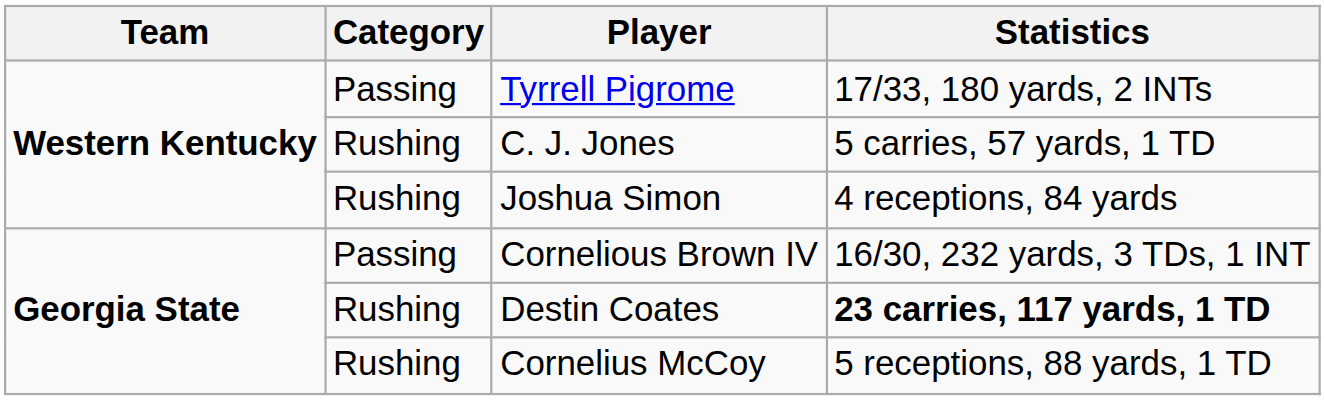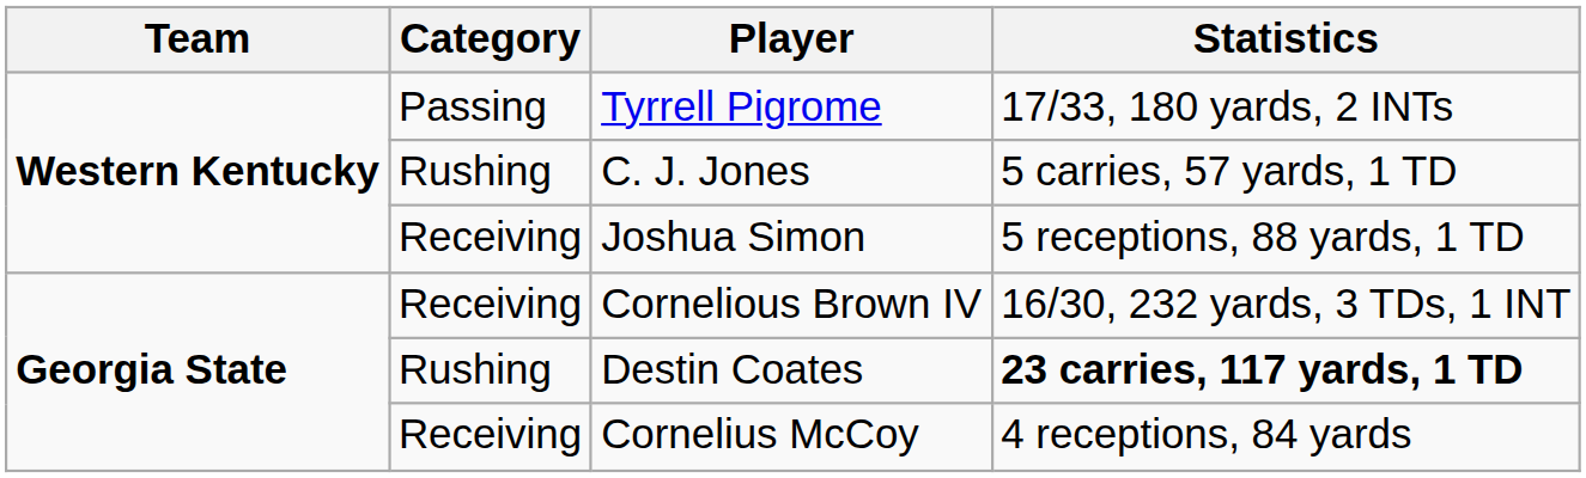 <table class="wikitable" style="float: left;">
 <tr>
 <th>Team</th>
 <th>Category</th>
 <th>Player</th>
 <th>Statistics</th>
 </tr>
 <tr>
 <td rowspan=3><strong>Western Kentucky</strong></td>
 <td>Passing</td>
 <td><a href='#'>Tyrrell Pigrome</a></td>
 <td>17/33, 180 yards, 2 INTs</td>
 </tr>
 <tr>
 <td>Rushing</td>
 <td>C. J. Jones</td>
 <td>5 carries, 57 yards, 1 TD</td>
 </tr>
 <tr>
-<td>Rushing</td>
+<td>Receiving</td>
 <td>Joshua Simon</td>
-<td>4 receptions, 84 yards</td>
+<td>5 receptions, 88 yards, 1 TD</td>
 </tr>
 <tr>
 <td rowspan=3><strong>Georgia State</strong></td>
-<td>Passing</td>
+<td>Receiving</td>
 <td>Cornelious Brown IV</td>
 <td>16/30, 232 yards, 3 TDs, 1 INT</td>
 </tr>
 <tr>
 <td>Rushing</td>
 <td>Destin Coates</td>
 <td><strong>23 carries, 117 yards, 1 TD</strong></td>
 </tr>
 <tr>
-<td>Rushing</td>
+<td>Receiving</td>
 <td>Cornelius McCoy</td>
-<td>5 receptions, 88 yards, 1 TD</td>
+<td>4 receptions, 84 yards</td>
 </tr>
 </table>
